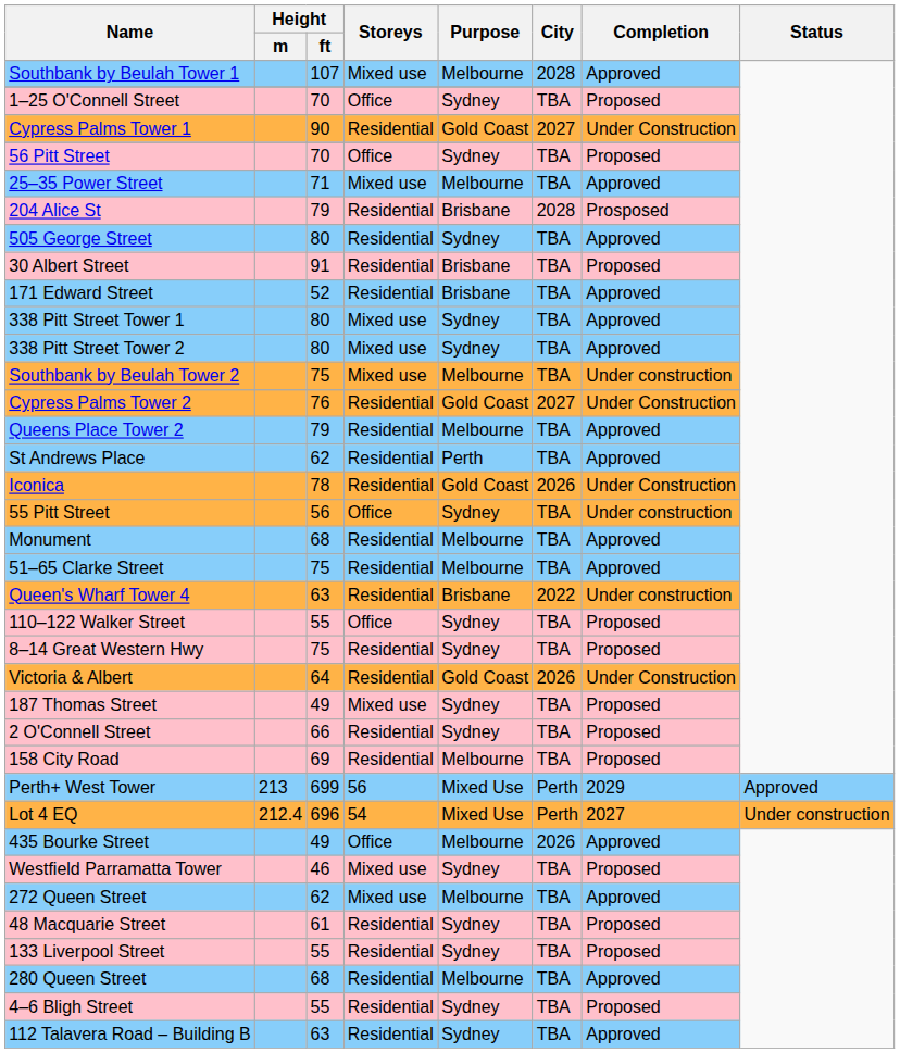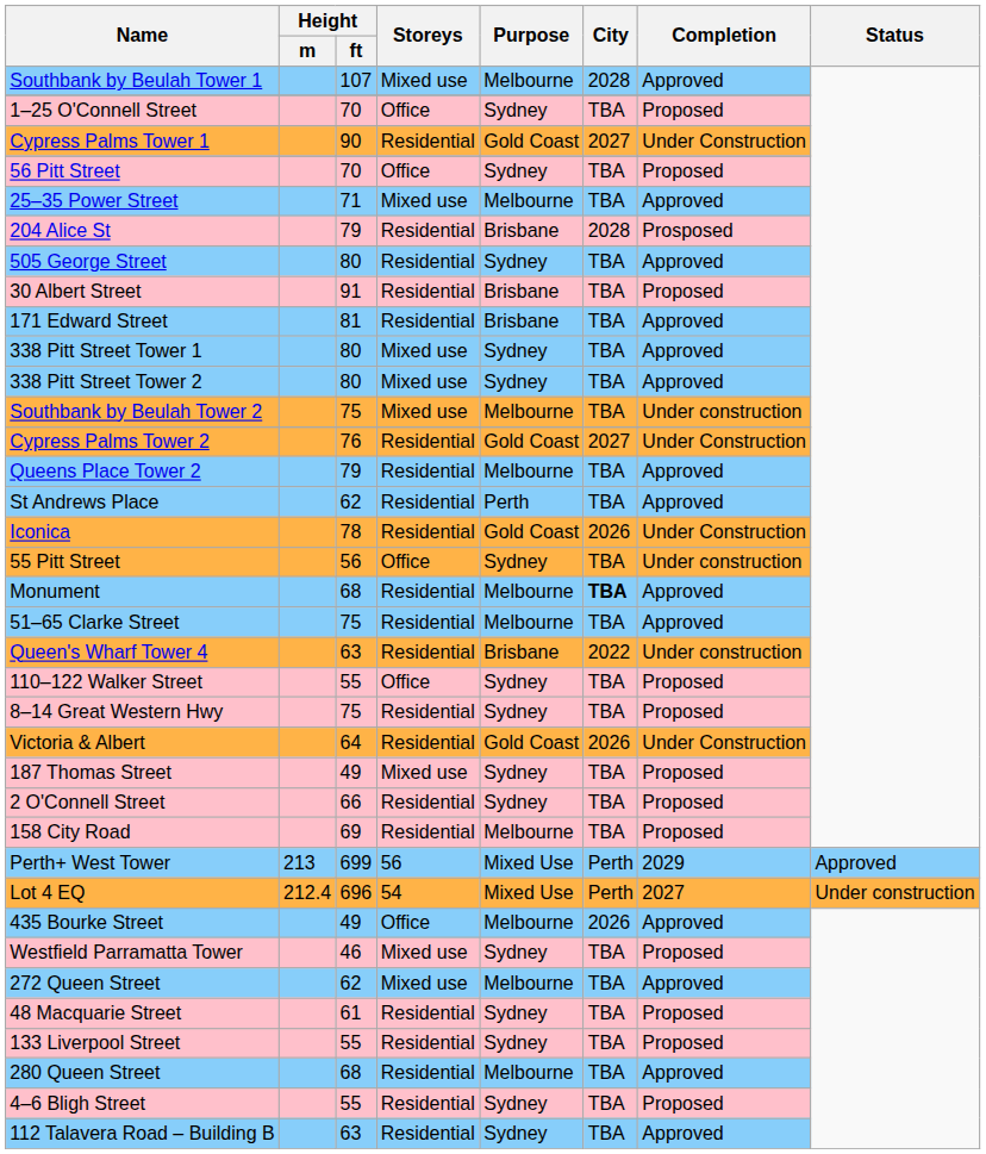 <table class="wikitable sortable" style="font-size:90%">
 <tr>
 <th rowspan="2">Name</th>
 <th colspan="2">Height</th>
 <th rowspan="2">Storeys</th>
 <th rowspan="2">Purpose</th>
 <th rowspan="2">City</th>
 <th rowspan="2">Completion</th>
 <th rowspan="2">Status</th>
 </tr>
 <tr>
 <th>m</th>
 <th>ft</th>
 </tr>
 <tr style="background:#87CEFA;">
 <td><a href='#'>Southbank by Beulah Tower 1</a></td>
 <td></td>
 <td>107</td>
 <td>Mixed use</td>
 <td>Melbourne</td>
 <td>2028</td>
 <td>Approved</td>
 </tr>
 <tr style="background: blue:">
 </tr>
 <tr style="width:90px; background:#87cefa;"| >
 </tr>
 <tr>
 </tr>
 <tr style="background: pink;">
 <td>1–25 O'Connell Street</td>
 <td></td>
 <td>70</td>
 <td>Office</td>
 <td>Sydney</td>
 <td>TBA</td>
 <td>Proposed</td>
 </tr>
 <tr>
 </tr>
 <tr style="width:90px; background:#ffb347;"| >
 <td><a href='#'>Cypress Palms Tower 1</a></td>
 <td></td>
 <td>90</td>
 <td>Residential</td>
 <td>Gold Coast</td>
 <td>2027</td>
 <td>Under Construction</td>
 </tr>
 <tr>
 </tr>
 <tr style="background: pink;">
 <td><a href='#'>56 Pitt Street</a></td>
 <td></td>
 <td>70</td>
 <td>Office</td>
 <td>Sydney</td>
 <td>TBA</td>
 <td>Proposed</td>
 </tr>
 <tr style="background:#87CEFA;">
 <td><a href='#'>25–35 Power Street</a></td>
 <td></td>
 <td>71</td>
 <td>Mixed use</td>
 <td>Melbourne</td>
 <td>TBA</td>
 <td>Approved</td>
 </tr>
 <tr style="width:90px; background:pink;"| >
 <td><a href='#'>204 Alice St</a></td>
 <td></td>
 <td>79</td>
 <td>Residential</td>
 <td>Brisbane</td>
 <td>2028</td>
 <td>Prosposed</td>
 </tr>
 <tr style="background:#87CEFA;">
 </tr>
 <tr style="background: pink;">
 </tr>
 <tr style="background:#87CEFA;">
 <td><a href='#'>505 George Street</a></td>
 <td></td>
 <td>80</td>
 <td>Residential</td>
 <td>Sydney</td>
 <td>TBA</td>
 <td>Approved</td>
 </tr>
 <tr style="width:90px; background:pink;"| >
 <td>30 Albert Street</td>
 <td></td>
 <td>91</td>
 <td>Residential</td>
 <td>Brisbane</td>
 <td>TBA</td>
 <td>Proposed</td>
 </tr>
 <tr style="background:#87CEFA;">
 <td>171 Edward Street</td>
 <td></td>
-<td>52</td>
+<td>81</td>
 <td>Residential</td>
 <td>Brisbane</td>
 <td>TBA</td>
 <td>Approved</td>
 </tr>
 <tr style="background: #87CEFA;">
 <td>338 Pitt Street Tower 1</td>
 <td></td>
 <td>80</td>
 <td>Mixed use</td>
 <td>Sydney</td>
 <td>TBA</td>
 <td>Approved</td>
 </tr>
 <tr style="width:90px; background:#87cefa;"| >
 <td>338 Pitt Street Tower 2</td>
 <td></td>
 <td>80</td>
 <td>Mixed use</td>
 <td>Sydney</td>
 <td>TBA</td>
 <td>Approved</td>
 </tr>
 <tr style="background:#FFB347;">
 <td><a href='#'>Southbank by Beulah Tower 2</a></td>
 <td></td>
 <td>75</td>
 <td>Mixed use</td>
 <td>Melbourne</td>
 <td>TBA</td>
 <td>Under construction</td>
 </tr>
 <tr>
 </tr>
 <tr style="width:90px; background:#ffb347;"| >
 <td><a href='#'>Cypress Palms Tower 2</a></td>
 <td></td>
 <td>76</td>
 <td>Residential</td>
 <td>Gold Coast</td>
 <td>2027</td>
 <td>Under Construction</td>
 </tr>
 <tr style="background:#87CEFA;">
 <td><a href='#'>Queens Place Tower 2</a></td>
 <td></td>
 <td>79</td>
 <td>Residential</td>
 <td>Melbourne</td>
 <td>TBA</td>
 <td>Approved</td>
 </tr>
 <tr style="background: #87CEFA;">
 <td>St Andrews Place</td>
 <td></td>
 <td>62</td>
 <td>Residential</td>
 <td>Perth</td>
 <td>TBA</td>
 <td>Approved</td>
 </tr>
 <tr style="background:#ffb347;">
 <td><a href='#'>Iconica</a></td>
 <td></td>
 <td>78</td>
 <td>Residential</td>
 <td>Gold Coast</td>
 <td>2026</td>
 <td>Under Construction</td>
 </tr>
 <tr style="width:90px; background:#ffb347;"| >
 <td>55 Pitt Street</td>
 <td></td>
 <td>56</td>
 <td>Office</td>
 <td>Sydney</td>
 <td>TBA</td>
 <td>Under construction</td>
 </tr>
 <tr style="background: #87CEFA;">
 <td>Monument</td>
 <td></td>
 <td>68</td>
 <td>Residential</td>
 <td>Melbourne</td>
-<td>TBA</td>
+<td><strong>TBA</strong></td>
 <td>Approved</td>
 </tr>
 <tr style="background:#87CEFA;">
 <td>51–65 Clarke Street</td>
 <td></td>
 <td>75</td>
 <td>Residential</td>
 <td>Melbourne</td>
 <td>TBA</td>
 <td>Approved</td>
 </tr>
 <tr style="background:#FFB347;">
 <td><a href='#'>Queen's Wharf Tower 4</a></td>
 <td></td>
 <td>63</td>
 <td>Residential</td>
 <td>Brisbane</td>
 <td>2022</td>
 <td>Under construction</td>
 </tr>
 <tr style="background: pink;">
 <td>110–122 Walker Street</td>
 <td></td>
 <td>55</td>
 <td>Office</td>
 <td>Sydney</td>
 <td>TBA</td>
 <td>Proposed</td>
 </tr>
 <tr style="background: pink;">
 <td>8–14 Great Western Hwy</td>
 <td></td>
 <td>75</td>
 <td>Residential</td>
 <td>Sydney</td>
 <td>TBA</td>
 <td>Proposed</td>
 </tr>
 <tr style="width:90px; background:#ffb347;"| >
 <td>Victoria & Albert</td>
 <td></td>
 <td>64</td>
 <td>Residential</td>
 <td>Gold Coast</td>
 <td>2026</td>
 <td>Under Construction</td>
 </tr>
 <tr style="background: pink;">
 <td>187 Thomas Street</td>
 <td></td>
 <td>49</td>
 <td>Mixed use</td>
 <td>Sydney</td>
 <td>TBA</td>
 <td>Proposed</td>
 </tr>
 <tr style="background: pink;">
 <td>2 O'Connell Street</td>
 <td></td>
 <td>66</td>
 <td>Residential</td>
 <td>Sydney</td>
 <td>TBA</td>
 <td>Proposed</td>
 </tr>
 <tr style="background: pink;">
 <td>158 City Road</td>
 <td></td>
 <td>69</td>
 <td>Residential</td>
 <td>Melbourne</td>
 <td>TBA</td>
 <td>Proposed</td>
 </tr>
 <tr style="background:#87CEFA;">
 <td>Perth+ West Tower</td>
 <td>213</td>
 <td>699</td>
 <td>56</td>
 <td>Mixed Use</td>
 <td>Perth</td>
 <td>2029</td>
 <td>Approved</td>
 </tr>
 <tr style="background:#FFB347;">
 <td>Lot 4 EQ</td>
 <td>212.4</td>
 <td>696</td>
 <td>54</td>
 <td>Mixed Use</td>
 <td>Perth</td>
 <td>2027</td>
 <td>Under construction</td>
 </tr>
 <tr style="background:#87CEFA;">
 <td>435 Bourke Street</td>
 <td></td>
 <td>49</td>
 <td>Office</td>
 <td>Melbourne</td>
 <td>2026</td>
 <td>Approved</td>
 </tr>
 <tr style="background: pink;">
 <td>Westfield Parramatta Tower</td>
 <td></td>
 <td>46</td>
 <td>Mixed use</td>
 <td>Sydney</td>
 <td>TBA</td>
 <td>Proposed</td>
 </tr>
 <tr style="background:#87CEFA;">
 <td>272 Queen Street</td>
 <td></td>
 <td>62</td>
 <td>Mixed use</td>
 <td>Melbourne</td>
 <td>TBA</td>
 <td>Approved</td>
 </tr>
 <tr style="background: pink;">
 <td>48 Macquarie Street</td>
 <td></td>
 <td>61</td>
 <td>Residential</td>
 <td>Sydney</td>
 <td>TBA</td>
 <td>Proposed</td>
 </tr>
 <tr style="background: pink;">
 <td>133 Liverpool Street</td>
 <td></td>
 <td>55</td>
 <td>Residential</td>
 <td>Sydney</td>
 <td>TBA</td>
 <td>Proposed</td>
 </tr>
 <tr style="background:#87CEFA;">
 <td>280 Queen Street</td>
 <td></td>
 <td>68</td>
 <td>Residential</td>
 <td>Melbourne</td>
 <td>TBA</td>
 <td>Approved</td>
 </tr>
 <tr style="background: pink;">
 <td>4–6 Bligh Street</td>
 <td></td>
 <td>55</td>
 <td>Residential</td>
 <td>Sydney</td>
 <td>TBA</td>
 <td>Proposed</td>
 </tr>
 <tr style="background:#87CEFA;">
 <td>112 Talavera Road – Building B</td>
 <td></td>
 <td>63</td>
 <td>Residential</td>
 <td>Sydney</td>
 <td>TBA</td>
 <td>Approved</td>
 </tr>
 </table>
